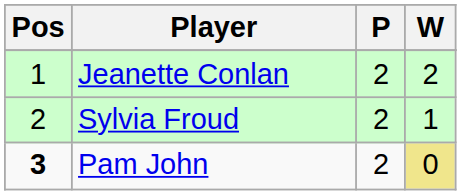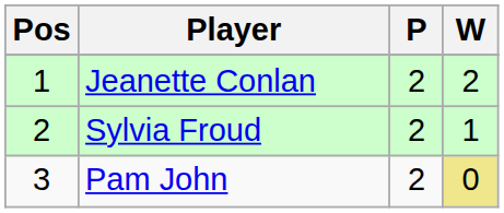 <table class="wikitable">
 <tr>
 <th width=20>Pos</th>
 <th width=150>Player</th>
 <th width=20>P</th>
 <th width=20>W</th>
 </tr>
 <tr>
 </tr>
 <tr align=center style="background: #ccffcc;">
 <td>1</td>
 <td align="left"> <a href='#'>Jeanette Conlan</a></td>
 <td>2</td>
 <td>2</td>
 </tr>
 <tr align=center style="background: #ccffcc;">
 <td>2</td>
 <td align="left"> <a href='#'>Sylvia Froud</a></td>
 <td>2</td>
 <td>1</td>
 </tr>
 <tr align=center>
-<td><strong>3</strong></td>
+<td>3</td>
 <td align="left"> <a href='#'>Pam John</a></td>
 <td>2</td>
 <td style="background: khaki;">0</td>
 </tr>
 </table>
